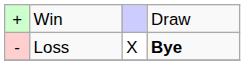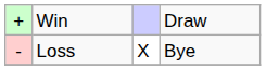 <table class=wikitable style=font-size:80%>
 <tr>
 <td style="background:#CCFFCC; width:1em" align=center>+</td>
 <td style=width:5em>Win</td>
 <td style="background:#CCCCFF; width:1em"></td>
 <td style=width:5em>Draw</td>
 </tr>
 <tr>
 <td style="background:#FFCFCF; width:1em" align=center>-</td>
 <td style=width:5em>Loss</td>
 <td style="background:#FFFFFF; align=center">X</td>
-<td><strong>Bye</strong></td>
+<td>Bye</td>
 </tr>
 <tr>
 </tr>
 </table>
